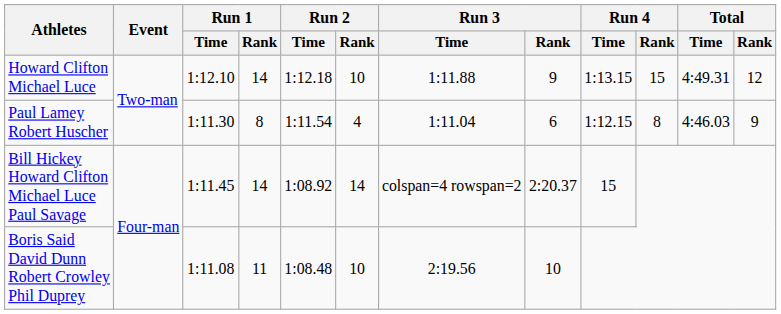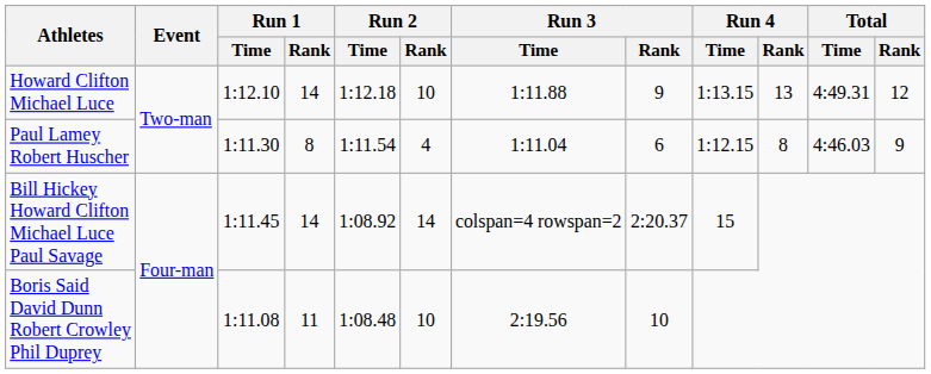 <table class=wikitable style="font-size:90%; text-align:center">
 <tr>
 <th rowspan=2>Athletes</th>
 <th rowspan=2>Event</th>
 <th colspan=2>Run 1</th>
 <th colspan=2>Run 2</th>
 <th colspan=2>Run 3</th>
 <th colspan=2>Run 4</th>
 <th colspan=2>Total</th>
 </tr>
 <tr style=font-size:95%>
 <th>Time</th>
 <th>Rank</th>
 <th>Time</th>
 <th>Rank</th>
 <th>Time</th>
 <th>Rank</th>
 <th>Time</th>
 <th>Rank</th>
 <th>Time</th>
 <th>Rank</th>
 </tr>
 <tr>
 <td align=left><a href='#'>Howard Clifton</a><br><a href='#'>Michael Luce</a></td>
 <td align=left rowspan=2><a href='#'>Two-man</a></td>
 <td>1:12.10</td>
 <td>14</td>
 <td>1:12.18</td>
 <td>10</td>
 <td>1:11.88</td>
 <td>9</td>
 <td>1:13.15</td>
-<td>15</td>
+<td>13</td>
 <td>4:49.31</td>
 <td>12</td>
 </tr>
 <tr>
 <td align=left><a href='#'>Paul Lamey</a><br><a href='#'>Robert Huscher</a></td>
 <td>1:11.30</td>
 <td>8</td>
 <td>1:11.54</td>
 <td>4</td>
 <td>1:11.04</td>
 <td>6</td>
 <td>1:12.15</td>
 <td>8</td>
 <td>4:46.03</td>
 <td>9</td>
 </tr>
 <tr>
 <td align=left><a href='#'>Bill Hickey</a><br><a href='#'>Howard Clifton</a><br><a href='#'>Michael Luce</a><br><a href='#'>Paul Savage</a></td>
 <td align=left rowspan=2><a href='#'>Four-man</a></td>
 <td>1:11.45</td>
 <td>14</td>
 <td>1:08.92</td>
 <td>14</td>
 <td>colspan=4 rowspan=2 </td>
 <td>2:20.37</td>
 <td>15</td>
 </tr>
 <tr>
 <td align=left><a href='#'>Boris Said</a><br><a href='#'>David Dunn</a><br><a href='#'>Robert Crowley</a><br><a href='#'>Phil Duprey</a></td>
 <td>1:11.08</td>
 <td>11</td>
 <td>1:08.48</td>
 <td>10</td>
 <td>2:19.56</td>
 <td>10</td>
 </tr>
 </table>
